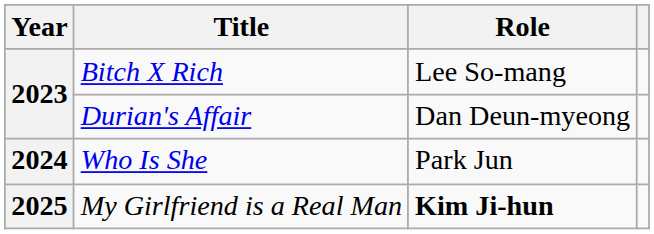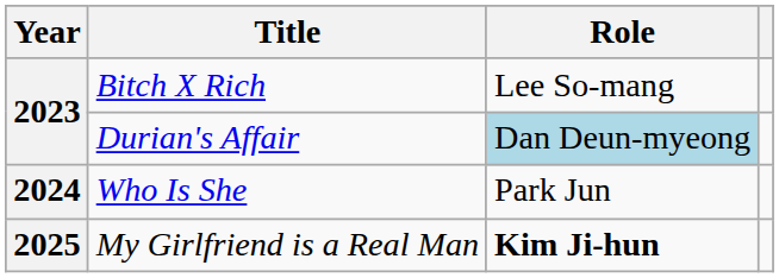 <table class="wikitable plainrowheaders">
 <tr>
 <th scope="col">Year</th>
 <th scope="col">Title</th>
 <th scope="col">Role</th>
 <th scope="col"></th>
 </tr>
 <tr>
 <th scope="row" rowspan="2">2023</th>
 <td><em><a href='#'>Bitch X Rich</a></em></td>
 <td>Lee So-mang</td>
 <td style="text-align:center"></td>
 </tr>
 <tr>
 <td><em><a href='#'>Durian's Affair</a></em></td>
-<td>Dan Deun-myeong</td>
+<td style="background: lightblue;">Dan Deun-myeong</td>
 <td style="text-align:center"></td>
 </tr>
 <tr>
 <th scope="row">2024</th>
 <td><em><a href='#'>Who Is She</a></em></td>
 <td>Park Jun</td>
 <td style="text-align:center"></td>
 </tr>
 <tr>
 <th scope="row">2025</th>
 <td><em>My Girlfriend is a Real Man</em></td>
 <td><strong>Kim Ji-hun</strong></td>
 <td style="text-align:center"></td>
 </tr>
 </table>
